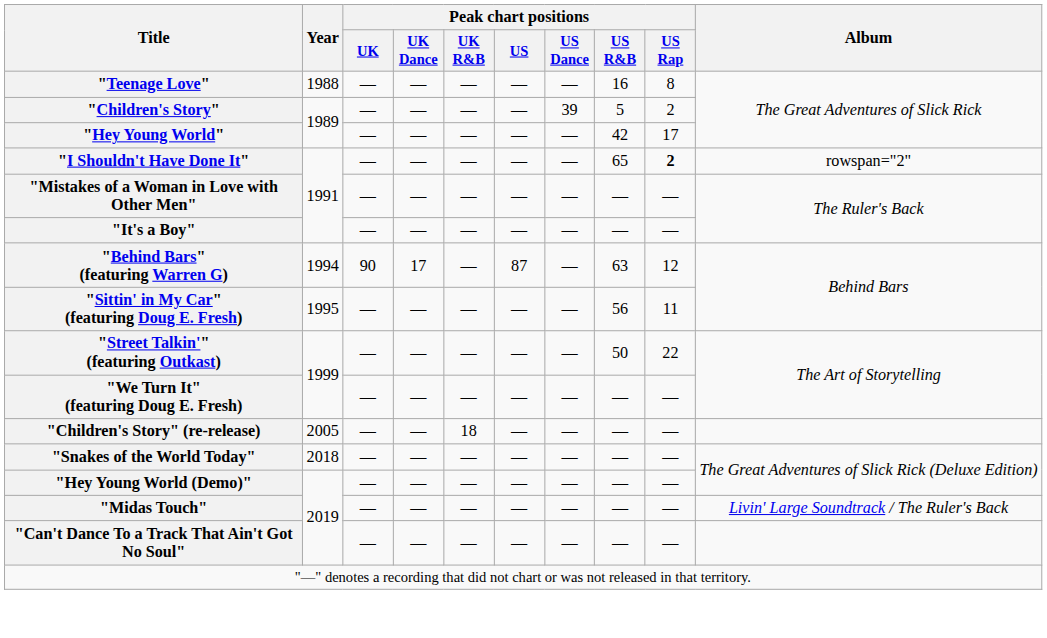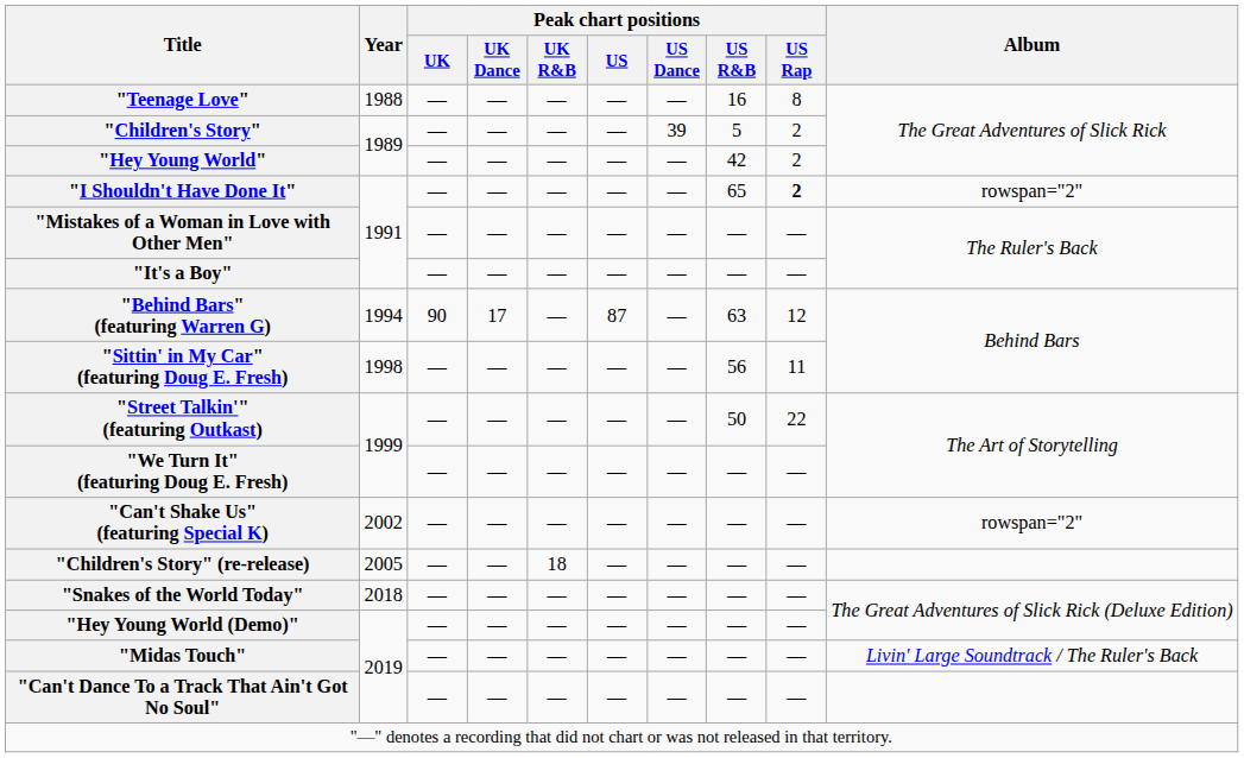 <table class="wikitable plainrowheaders" style="text-align:center;" border="1">
 <tr>
 <th scope="col" rowspan="2" style="width:18em;">Title</th>
 <th scope="col" rowspan="2">Year</th>
 <th scope="col" colspan="7">Peak chart positions</th>
 <th scope="col" rowspan="2">Album</th>
 </tr>
 <tr>
 <th scope="col" style="width:3em;font-size:90%;"><a href='#'>UK</a><br></th>
 <th scope="col" style="width:3em;font-size:90%;"><a href='#'>UK Dance</a><br></th>
 <th scope="col" style="width:3em;font-size:90%;"><a href='#'>UK R&B</a><br></th>
 <th scope="col" style="width:3em;font-size:90%;"><a href='#'>US</a><br></th>
 <th scope="col" style="width:3em;font-size:90%;"><a href='#'>US<br>Dance</a><br></th>
 <th scope="col" style="width:3em;font-size:90%;"><a href='#'>US R&B</a><br></th>
 <th scope="col" style="width:3em;font-size:90%;"><a href='#'>US<br> Rap</a><br></th>
 </tr>
 <tr>
 <th scope="row">"<a href='#'>Teenage Love</a>"</th>
 <td>1988</td>
 <td>—</td>
 <td>—</td>
 <td>—</td>
 <td>—</td>
 <td>—</td>
 <td>16</td>
 <td>8</td>
 <td rowspan="3"><em>The Great Adventures of Slick Rick</em></td>
 </tr>
 <tr>
 <th scope="row">"<a href='#'>Children's Story</a>"</th>
 <td rowspan="2">1989</td>
 <td>—</td>
 <td>—</td>
 <td>—</td>
 <td>—</td>
 <td>39</td>
 <td>5</td>
 <td>2</td>
 </tr>
 <tr>
 <th scope="row">"<a href='#'>Hey Young World</a>"</th>
 <td>—</td>
 <td>—</td>
 <td>—</td>
 <td>—</td>
 <td>—</td>
 <td>42</td>
-<td>17</td>
+<td>2</td>
 </tr>
 <tr>
 <th scope="row">"<a href='#'>I Shouldn't Have Done It</a>"</th>
 <td rowspan="3">1991</td>
 <td>—</td>
 <td>—</td>
 <td>—</td>
 <td>—</td>
 <td>—</td>
 <td>65</td>
 <td><strong>2</strong></td>
 <td>rowspan="2" </td>
 </tr>
 <tr>
 <th scope="row">"Mistakes of a Woman in Love with Other Men"</th>
 <td>—</td>
 <td>—</td>
 <td>—</td>
 <td>—</td>
 <td>—</td>
 <td>—</td>
 <td>—</td>
 <td rowspan="2"><em>The Ruler's Back</em></td>
 </tr>
 <tr>
 <th scope="row">"It's a Boy"</th>
 <td>—</td>
 <td>—</td>
 <td>—</td>
 <td>—</td>
 <td>—</td>
 <td>—</td>
 <td>—</td>
 </tr>
 <tr>
 <th scope="row">"<a href='#'>Behind Bars</a>"<br><span>(featuring <a href='#'>Warren G</a>)</span></th>
 <td>1994</td>
 <td>90</td>
 <td>17</td>
 <td>—</td>
 <td>87</td>
 <td>—</td>
 <td>63</td>
 <td>12</td>
 <td rowspan="2"><em>Behind Bars</em></td>
 </tr>
 <tr>
 <th scope="row">"<a href='#'>Sittin' in My Car</a>"<br><span>(featuring <a href='#'>Doug E. Fresh</a>)</span></th>
-<td>1995</td>
+<td>1998</td>
 <td>—</td>
 <td>—</td>
 <td>—</td>
 <td>—</td>
 <td>—</td>
 <td>56</td>
 <td>11</td>
 </tr>
 <tr>
 <th scope="row">"<a href='#'>Street Talkin'</a>"<br><span>(featuring <a href='#'>Outkast</a>)</span></th>
 <td rowspan="2">1999</td>
 <td>—</td>
 <td>—</td>
 <td>—</td>
 <td>—</td>
 <td>—</td>
 <td>50</td>
 <td>22</td>
 <td rowspan="2"><em>The Art of Storytelling</em></td>
 </tr>
 <tr>
 <th scope="row">"We Turn It"<br><span>(featuring Doug E. Fresh)</span></th>
 <td>—</td>
 <td>—</td>
 <td>—</td>
 <td>—</td>
 <td>—</td>
 <td>—</td>
 <td>—</td>
+</tr>
+<tr>
+<th scope="row">"Can't Shake Us"<br><span>(featuring <a href='#'>Special K</a>)</span></th>
+<td>2002</td>
+<td>—</td>
+<td>—</td>
+<td>—</td>
+<td>—</td>
+<td>—</td>
+<td>—</td>
+<td>—</td>
+<td>rowspan="2" </td>
 </tr>
 <tr>
 <th scope="row">"Children's Story" (re-release)</th>
 <td>2005</td>
 <td>—</td>
 <td>—</td>
 <td>18</td>
 <td>—</td>
 <td>—</td>
 <td>—</td>
 <td>—</td>
 </tr>
 <tr>
 <th scope="row">"Snakes of the World Today"</th>
 <td>2018</td>
 <td>—</td>
 <td>—</td>
 <td>—</td>
 <td>—</td>
 <td>—</td>
 <td>—</td>
 <td>—</td>
 <td rowspan="2"><em>The Great Adventures of Slick Rick (Deluxe Edition)</em></td>
 </tr>
 <tr>
 <th scope="row">"Hey Young World (Demo)"</th>
 <td rowspan="3">2019</td>
 <td>—</td>
 <td>—</td>
 <td>—</td>
 <td>—</td>
 <td>—</td>
 <td>—</td>
 <td>—</td>
 </tr>
 <tr>
 <th scope="row">"Midas Touch"</th>
 <td>—</td>
 <td>—</td>
 <td>—</td>
 <td>—</td>
 <td>—</td>
 <td>—</td>
 <td>—</td>
 <td><em><a href='#'>Livin' Large Soundtrack</a></em> <em>/ The Ruler's Back</em></td>
 </tr>
 <tr>
 <th scope="row">"Can't Dance To a Track That Ain't Got No Soul"</th>
 <td>—</td>
 <td>—</td>
 <td>—</td>
 <td>—</td>
 <td>—</td>
 <td>—</td>
 <td>—</td>
 </tr>
 <tr>
 <td colspan="10" style="font-size:90%">"—" denotes a recording that did not chart or was not released in that territory.</td>
 </tr>
 </table>
